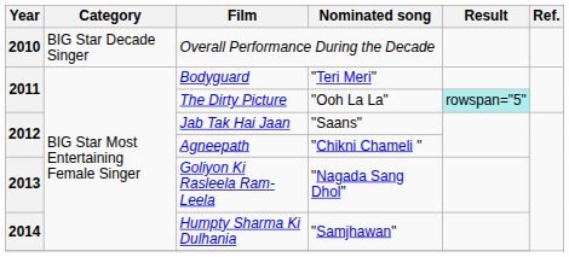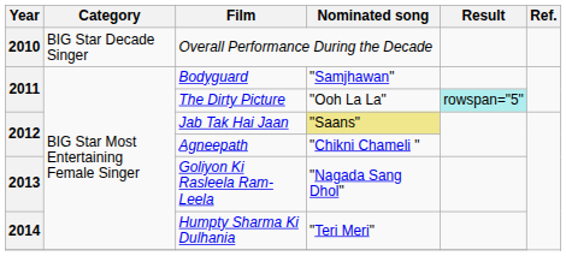 <table class="wikitable plainrowheaders" width="100%" textcolor:#000;">
 <tr>
 <th scope="col" width=5%><strong>Year</strong></th>
 <th scope="col" width=26%><strong>Category</strong></th>
 <th scope="col" width=26%><strong>Film</strong></th>
 <th scope="col" width=26%><strong>Nominated song</strong></th>
 <th scope="col" width=15%><strong>Result</strong></th>
 <th scope="col" width=2%><strong>Ref.</strong></th>
 </tr>
 <tr>
 <th scope="row">2010</th>
 <td>BIG Star Decade Singer</td>
 <td colspan="2"><em>Overall Performance During the Decade</em></td>
 <td></td>
 <td></td>
 </tr>
 <tr |->
 <th scope="row" rowspan="2">2011</th>
 <td rowspan="6">BIG Star Most Entertaining Female Singer</td>
 <td><em><a href='#'>Bodyguard</a></em></td>
-<td>"<a href='#'>Teri Meri</a>"</td>
+<td>"<a href='#'>Samjhawan</a>"</td>
 <td></td>
 <td rowspan="2"></td>
 </tr>
 <tr>
 <td><em><a href='#'>The Dirty Picture</a></em></td>
 <td>"Ooh La La"</td>
 <td style="background: paleturquoise;">rowspan="5" </td>
 </tr>
 <tr>
 <th scope="row" rowspan="2">2012</th>
 <td><em><a href='#'>Jab Tak Hai Jaan</a></em></td>
-<td>"Saans"</td>
+<td style="background: khaki;">"Saans"</td>
 <td rowspan="2"></td>
 </tr>
 <tr>
 <td><em><a href='#'>Agneepath</a></em></td>
 <td>"<a href='#'>Chikni Chameli</a> "</td>
 </tr>
 <tr>
 <th scope="row">2013</th>
 <td><em><a href='#'>Goliyon Ki Rasleela Ram-Leela</a></em></td>
 <td>"<a href='#'>Nagada Sang Dhol</a>"</td>
 <td></td>
 </tr>
 <tr>
 <th scope="row">2014</th>
 <td><em><a href='#'>Humpty Sharma Ki Dulhania</a></em></td>
-<td>"<a href='#'>Samjhawan</a>"</td>
+<td>"<a href='#'>Teri Meri</a>"</td>
 <td></td>
 </tr>
 <tr>
 </tr>
 </table>
